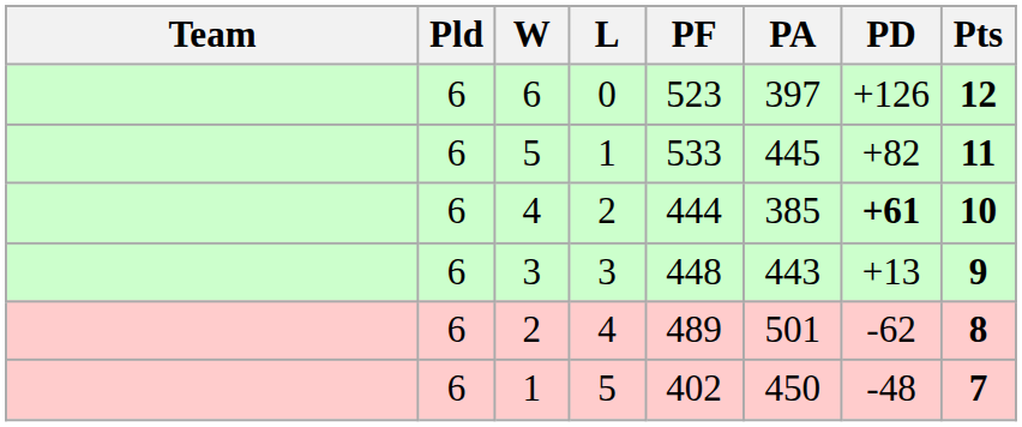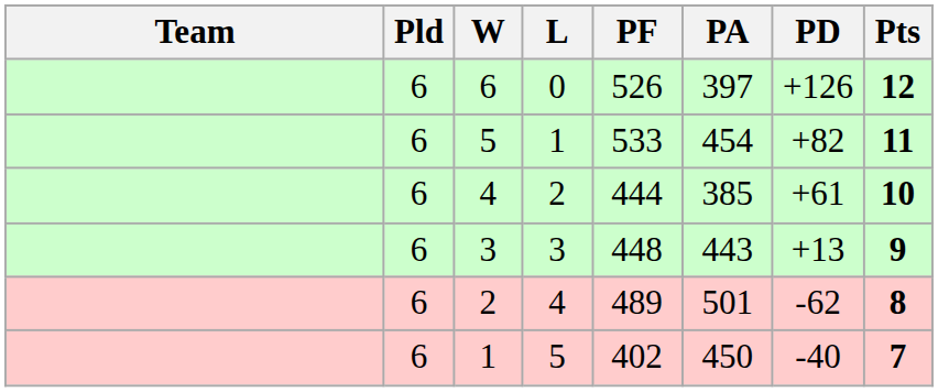 <table class=wikitable style="text-align:center;">
 <tr align=center>
 </tr>
 <tr>
 <th width=170>Team</th>
 <th width=25>Pld</th>
 <th width=25>W</th>
 <th width=25>L</th>
 <th width=35>PF</th>
 <th width=35>PA</th>
 <th width=35>PD</th>
 <th width=25>Pts</th>
 </tr>
 <tr bgcolor="#ccffcc">
 <td align=left></td>
 <td>6</td>
 <td>6</td>
 <td>0</td>
-<td>523</td>
+<td>526</td>
 <td>397</td>
 <td>+126</td>
 <td><strong>12</strong></td>
 </tr>
 <tr bgcolor="#ccffcc">
 <td align=left></td>
 <td>6</td>
 <td>5</td>
 <td>1</td>
 <td>533</td>
-<td>445</td>
+<td>454</td>
 <td>+82</td>
 <td><strong>11</strong></td>
 </tr>
 <tr bgcolor="#ccffcc">
 <td align=left></td>
 <td>6</td>
 <td>4</td>
 <td>2</td>
 <td>444</td>
 <td>385</td>
-<td><strong>+61</strong></td>
+<td>+61</td>
 <td><strong>10</strong></td>
 </tr>
 <tr bgcolor="#ccffcc">
 <td align=left></td>
 <td>6</td>
 <td>3</td>
 <td>3</td>
 <td>448</td>
 <td>443</td>
 <td>+13</td>
 <td><strong>9</strong></td>
 </tr>
 <tr bgcolor="#ffcccc">
 <td align=left></td>
 <td>6</td>
 <td>2</td>
 <td>4</td>
 <td>489</td>
 <td>501</td>
 <td>-62</td>
 <td><strong>8</strong></td>
 </tr>
 <tr bgcolor="#ffcccc">
 <td align=left></td>
 <td>6</td>
 <td>1</td>
 <td>5</td>
 <td>402</td>
 <td>450</td>
-<td>-48</td>
+<td>-40</td>
 <td><strong>7</strong></td>
 </tr>
 </table>
